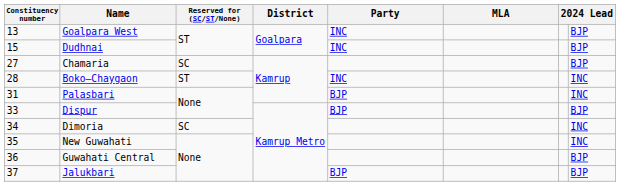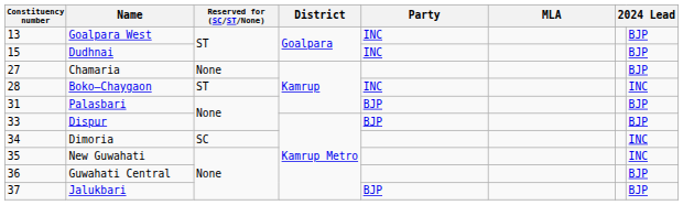 <table class="wikitable sortable">
 <tr>
 <th width="50px" style="font-size:75%">Constituency number</th>
 <th width="150px">Name</th>
 <th width="100px" style="font-size:75%">Reserved for (<a href='#'>SC</a>/<a href='#'>ST</a>/None)</th>
 <th>District</th>
 <th width="150px">Party</th>
 <th width="150px">MLA</th>
 <th colspan="2">2024 Lead</th>
 </tr>
 <tr>
 <td>13</td>
 <td><a href='#'>Goalpara West</a></td>
 <td rowspan="2">ST</td>
 <td rowspan="2"><a href='#'>Goalpara</a></td>
 <td><a href='#'>INC</a></td>
 <td></td>
 <td style="background-color: "></td>
 <td><a href='#'>BJP</a></td>
 </tr>
 <tr>
 <td>15</td>
 <td><a href='#'>Dudhnai</a></td>
 <td><a href='#'>INC</a></td>
 <td></td>
 <td style="background-color: "></td>
 <td><a href='#'>BJP</a></td>
 </tr>
 <tr>
 <td>27</td>
 <td>Chamaria</td>
-<td>SC</td>
+<td>None</td>
 <td rowspan="3"><a href='#'>Kamrup</a></td>
 <td></td>
 <td></td>
 <td style="background-color: "></td>
 <td><a href='#'>BJP</a></td>
 </tr>
 <tr>
 <td>28</td>
 <td><a href='#'>Boko–Chaygaon</a></td>
 <td>ST</td>
 <td><a href='#'>INC</a></td>
 <td></td>
 <td style="background-color: "></td>
 <td><a href='#'>INC</a></td>
 </tr>
 <tr>
 <td>31</td>
 <td><a href='#'>Palasbari</a></td>
 <td rowspan="2">None</td>
 <td><a href='#'>BJP</a></td>
 <td></td>
 <td style="background-color: "></td>
-<td><a href='#'>INC</a></td>
+<td><a href='#'>BJP</a></td>
 </tr>
 <tr>
 <td>33</td>
 <td><a href='#'>Dispur</a></td>
 <td rowspan="5"><a href='#'>Kamrup Metro</a></td>
 <td><a href='#'>BJP</a></td>
 <td></td>
 <td style="background-color: "></td>
 <td><a href='#'>BJP</a></td>
 </tr>
 <tr>
 <td>34</td>
 <td>Dimoria</td>
 <td>SC</td>
 <td></td>
 <td></td>
 <td style="background-color: "></td>
 <td><a href='#'>INC</a></td>
 </tr>
 <tr>
 <td>35</td>
 <td>New Guwahati</td>
 <td rowspan="3">None</td>
 <td></td>
 <td></td>
 <td style="background-color: "></td>
 <td><a href='#'>INC</a></td>
 </tr>
 <tr>
 <td>36</td>
 <td>Guwahati Central</td>
 <td></td>
 <td></td>
 <td style="background-color: "></td>
 <td><a href='#'>BJP</a></td>
 </tr>
 <tr>
 <td>37</td>
 <td><a href='#'>Jalukbari</a></td>
 <td><a href='#'>BJP</a></td>
 <td></td>
 <td style="background-color: "></td>
 <td><a href='#'>BJP</a></td>
 </tr>
 </table>
